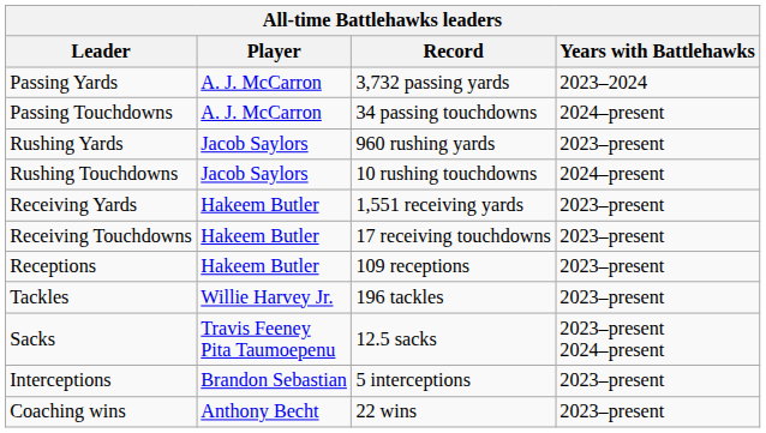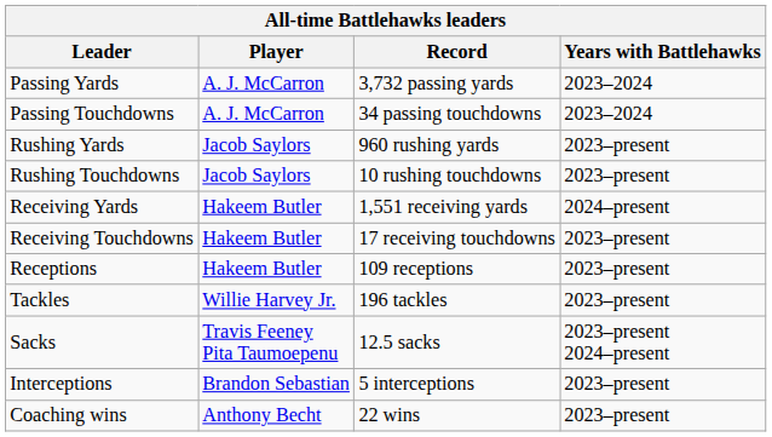 <table class="wikitable">
 <tr>
 <th colspan="5">All-time Battlehawks leaders</th>
 </tr>
 <tr>
 <th>Leader</th>
 <th>Player</th>
 <th>Record</th>
 <th>Years with Battlehawks</th>
 </tr>
 <tr>
 <td>Passing Yards</td>
 <td><a href='#'>A. J. McCarron</a></td>
 <td>3,732 passing yards</td>
 <td>2023–2024</td>
 </tr>
 <tr>
 <td>Passing Touchdowns</td>
 <td><a href='#'>A. J. McCarron</a></td>
 <td>34 passing touchdowns</td>
-<td>2024–present</td>
+<td>2023–2024</td>
 </tr>
 <tr>
 <td>Rushing Yards</td>
 <td><a href='#'>Jacob Saylors</a></td>
 <td>960 rushing yards</td>
 <td>2023–present</td>
 </tr>
 <tr>
 <td>Rushing Touchdowns</td>
 <td><a href='#'>Jacob Saylors</a></td>
 <td>10 rushing touchdowns</td>
-<td>2024–present</td>
+<td>2023–present</td>
 </tr>
 <tr>
 <td>Receiving Yards</td>
 <td><a href='#'>Hakeem Butler</a></td>
 <td>1,551 receiving yards</td>
-<td>2023–present</td>
+<td>2024–present</td>
 </tr>
 <tr>
 <td>Receiving Touchdowns</td>
 <td><a href='#'>Hakeem Butler</a></td>
 <td>17 receiving touchdowns</td>
 <td>2023–present</td>
 </tr>
 <tr>
 <td>Receptions</td>
 <td><a href='#'>Hakeem Butler</a></td>
 <td>109 receptions</td>
 <td>2023–present</td>
 </tr>
 <tr>
 <td>Tackles</td>
 <td><a href='#'>Willie Harvey Jr.</a></td>
 <td>196 tackles</td>
 <td>2023–present</td>
 </tr>
 <tr>
 <td>Sacks</td>
 <td><a href='#'>Travis Feeney</a><br><a href='#'>Pita Taumoepenu</a></td>
 <td>12.5 sacks</td>
 <td>2023–present<br>2024–present</td>
 </tr>
 <tr>
 <td>Interceptions</td>
 <td><a href='#'>Brandon Sebastian</a></td>
 <td>5 interceptions</td>
 <td>2023–present</td>
 </tr>
 <tr>
 <td>Coaching wins</td>
 <td><a href='#'>Anthony Becht</a></td>
 <td>22 wins</td>
 <td>2023–present</td>
 </tr>
 </table>
